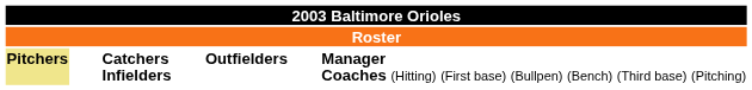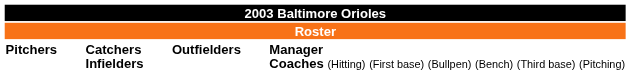 <table class="toccolours" style="font-size: 95%;">
 <tr>
 <th colspan="10" style="background-color: black; color: #FFFFFF; text-align: center;">2003 Baltimore Orioles</th>
 </tr>
 <tr>
 <td colspan="10" style="background-color: #F87217; color: white; text-align: center;"><strong>Roster</strong></td>
 </tr>
 <tr>
-<td valign="top" style="background: khaki;"><strong>Pitchers</strong><br>                   </td>
+<td valign="top"><strong>Pitchers</strong><br>                   </td>
 <td width="25px"></td>
 <td valign="top"><strong>Catchers</strong><br>   <strong>Infielders</strong>         </td>
 <td width="25px"></td>
 <td valign="top"><strong>Outfielders</strong><br>         </td>
 <td width="25px"></td>
 <td valign="top"><strong>Manager</strong><br> <strong>Coaches</strong>  <small>(Hitting)</small>  <small>(First base)</small>  <small>(Bullpen)</small>  <small>(Bench)</small>  <small>(Third base)</small>  <small>(Pitching)</small></td>
 </tr>
 </table>
